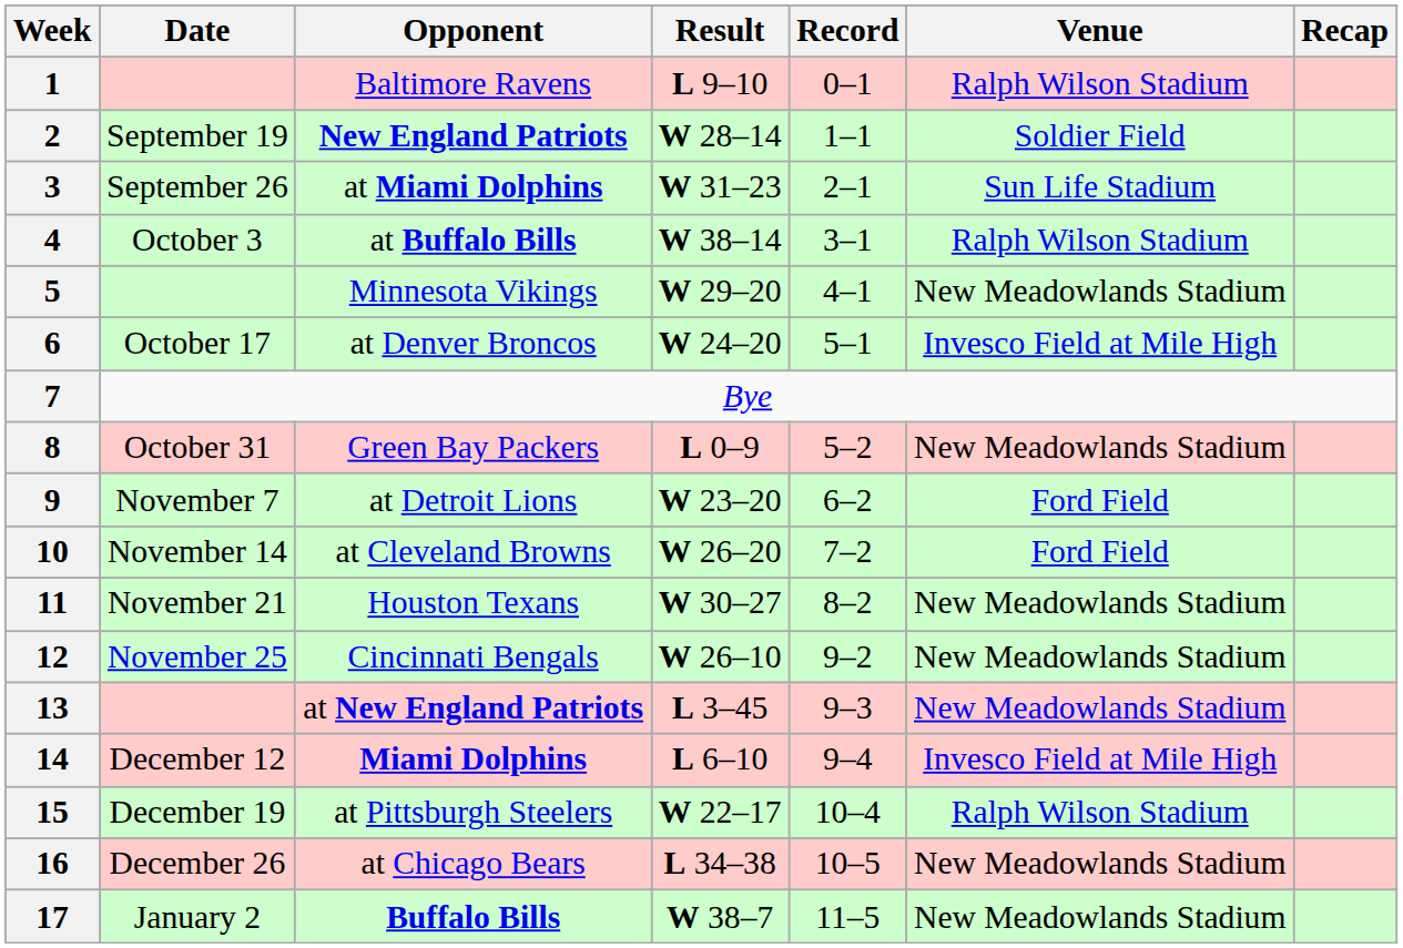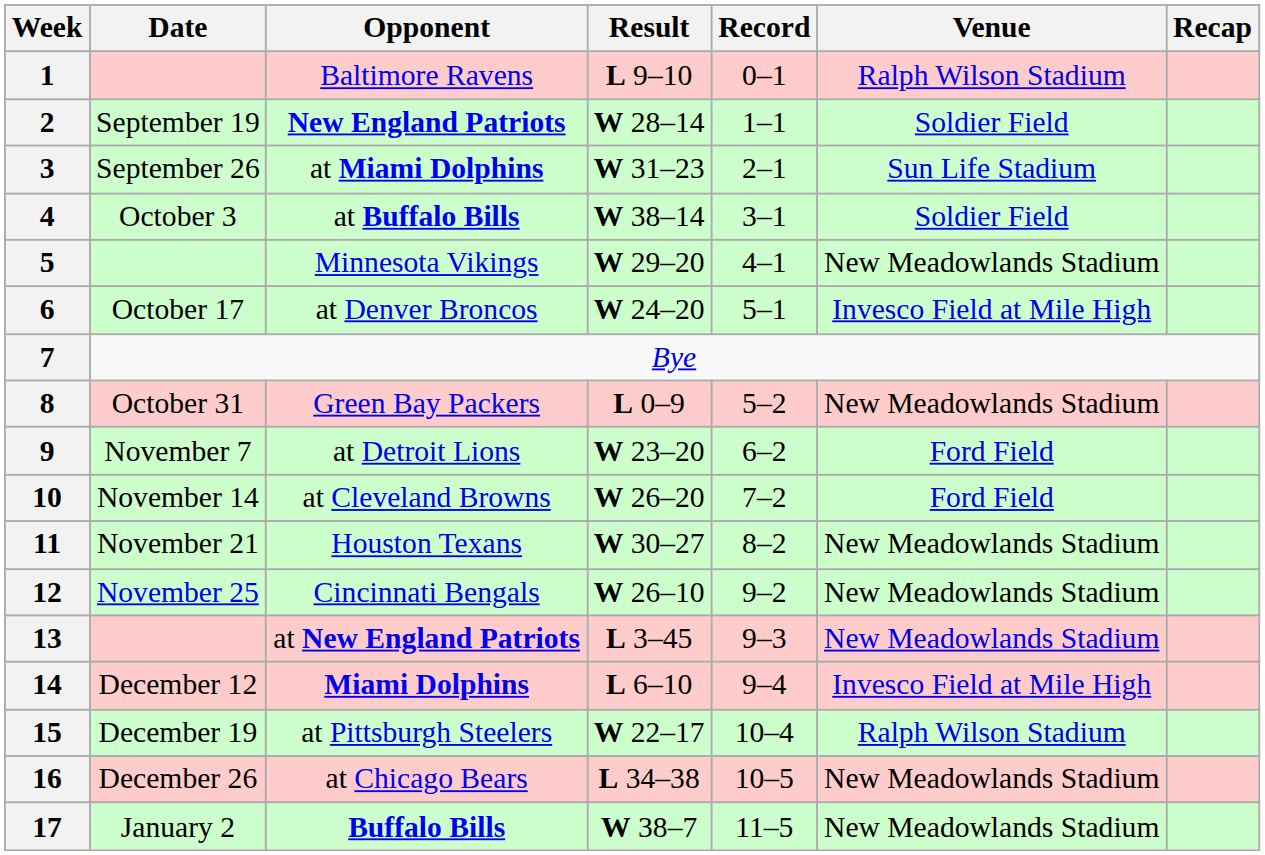 <table class="wikitable" style="text-align:center">
 <tr>
 <th>Week</th>
 <th>Date</th>
 <th>Opponent</th>
 <th>Result</th>
 <th>Record</th>
 <th>Venue</th>
 <th>Recap</th>
 </tr>
 <tr style="background:#fcc">
 <th>1</th>
 <td></td>
 <td><a href='#'>Baltimore Ravens</a></td>
 <td><strong>L</strong> 9–10</td>
 <td>0–1</td>
 <td><a href='#'>Ralph Wilson Stadium</a></td>
 <td></td>
 </tr>
 <tr style="background:#cfc">
 <th>2</th>
 <td>September 19</td>
 <td><strong><a href='#'>New England Patriots</a></strong></td>
 <td><strong>W</strong> 28–14</td>
 <td>1–1</td>
 <td><a href='#'>Soldier Field</a></td>
 <td></td>
 </tr>
 <tr style="background:#cfc">
 <th>3</th>
 <td>September 26</td>
 <td>at <strong><a href='#'>Miami Dolphins</a></strong></td>
 <td><strong>W</strong> 31–23</td>
 <td>2–1</td>
 <td><a href='#'>Sun Life Stadium</a></td>
 <td></td>
 </tr>
 <tr style="background:#cfc">
 <th>4</th>
 <td>October 3</td>
 <td>at <strong><a href='#'>Buffalo Bills</a></strong></td>
 <td><strong>W</strong> 38–14</td>
 <td>3–1</td>
-<td><a href='#'>Ralph Wilson Stadium</a></td>
+<td><a href='#'>Soldier Field</a></td>
 <td></td>
 </tr>
 <tr style="background:#cfc">
 <th>5</th>
 <td></td>
 <td><a href='#'>Minnesota Vikings</a></td>
 <td><strong>W</strong> 29–20</td>
 <td>4–1</td>
 <td>New Meadowlands Stadium</td>
 <td></td>
 </tr>
 <tr style="background:#cfc">
 <th>6</th>
 <td>October 17</td>
 <td>at <a href='#'>Denver Broncos</a></td>
 <td><strong>W</strong> 24–20</td>
 <td>5–1</td>
 <td><a href='#'>Invesco Field at Mile High</a></td>
 <td></td>
 </tr>
 <tr>
 <th>7</th>
 <td colspan="6"><em><a href='#'>Bye</a></em></td>
 </tr>
 <tr style="background:#fcc">
 <th>8</th>
 <td>October 31</td>
 <td><a href='#'>Green Bay Packers</a></td>
 <td><strong>L</strong> 0–9</td>
 <td>5–2</td>
 <td>New Meadowlands Stadium</td>
 <td></td>
 </tr>
 <tr style="background:#cfc">
 <th>9</th>
 <td>November 7</td>
 <td>at <a href='#'>Detroit Lions</a></td>
 <td><strong>W</strong> 23–20 </td>
 <td>6–2</td>
 <td><a href='#'>Ford Field</a></td>
 <td></td>
 </tr>
 <tr style="background:#cfc">
 <th>10</th>
 <td>November 14</td>
 <td>at <a href='#'>Cleveland Browns</a></td>
 <td><strong>W</strong> 26–20 </td>
 <td>7–2</td>
 <td><a href='#'>Ford Field</a></td>
 <td></td>
 </tr>
 <tr style="background:#cfc">
 <th>11</th>
 <td>November 21</td>
 <td><a href='#'>Houston Texans</a></td>
 <td><strong>W</strong> 30–27</td>
 <td>8–2</td>
 <td>New Meadowlands Stadium</td>
 <td></td>
 </tr>
 <tr style="background:#cfc">
 <th>12</th>
 <td><a href='#'>November 25</a></td>
 <td><a href='#'>Cincinnati Bengals</a></td>
 <td><strong>W</strong> 26–10</td>
 <td>9–2</td>
 <td>New Meadowlands Stadium</td>
 <td></td>
 </tr>
 <tr style="background:#fcc">
 <th>13</th>
 <td></td>
 <td>at <strong><a href='#'>New England Patriots</a></strong></td>
 <td><strong>L</strong> 3–45</td>
 <td>9–3</td>
 <td><a href='#'>New Meadowlands Stadium</a></td>
 <td></td>
 </tr>
 <tr style="background:#fcc">
 <th>14</th>
 <td>December 12</td>
 <td><strong><a href='#'>Miami Dolphins</a></strong></td>
 <td><strong>L</strong> 6–10</td>
 <td>9–4</td>
 <td><a href='#'>Invesco Field at Mile High</a></td>
 <td></td>
 </tr>
 <tr style="background:#cfc">
 <th>15</th>
 <td>December 19</td>
 <td>at <a href='#'>Pittsburgh Steelers</a></td>
 <td><strong>W</strong> 22–17</td>
 <td>10–4</td>
 <td><a href='#'>Ralph Wilson Stadium</a></td>
 <td></td>
 </tr>
 <tr style="background:#fcc">
 <th>16</th>
 <td>December 26</td>
 <td>at <a href='#'>Chicago Bears</a></td>
 <td><strong>L</strong> 34–38</td>
 <td>10–5</td>
 <td>New Meadowlands Stadium</td>
 <td></td>
 </tr>
 <tr style="background:#cfc">
 <th>17</th>
 <td>January 2</td>
 <td><strong><a href='#'>Buffalo Bills</a></strong></td>
 <td><strong>W</strong> 38–7</td>
 <td>11–5</td>
 <td>New Meadowlands Stadium</td>
 <td></td>
 </tr>
 </table>
